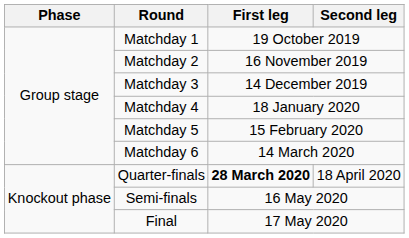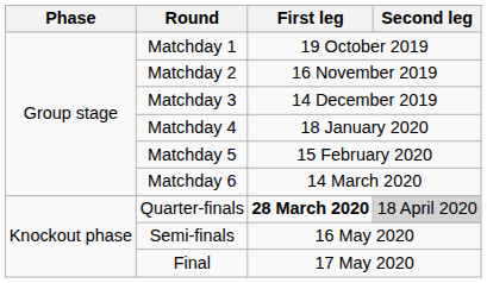 <table class="wikitable" style="text-align:center">
 <tr>
 <th>Phase</th>
 <th>Round</th>
 <th>First leg</th>
 <th>Second leg</th>
 </tr>
 <tr>
 <td rowspan=6>Group stage</td>
 <td>Matchday 1</td>
 <td colspan=2>19 October 2019</td>
 </tr>
 <tr>
 <td>Matchday 2</td>
 <td colspan=2>16 November 2019</td>
 </tr>
 <tr>
 <td>Matchday 3</td>
 <td colspan=2>14 December 2019</td>
 </tr>
 <tr>
 <td>Matchday 4</td>
 <td colspan=2>18 January 2020</td>
 </tr>
 <tr>
 <td>Matchday 5</td>
 <td colspan=2>15 February 2020</td>
 </tr>
 <tr>
 <td>Matchday 6</td>
 <td colspan=2>14 March 2020</td>
 </tr>
 <tr>
 <td rowspan=3>Knockout phase</td>
 <td>Quarter-finals</td>
 <td><strong>28 March 2020</strong></td>
-<td>18 April 2020</td>
+<td style="background: lightgrey;">18 April 2020</td>
 </tr>
 <tr>
 <td>Semi-finals</td>
 <td colspan=2>16 May 2020</td>
 </tr>
 <tr>
 <td>Final</td>
 <td colspan=2>17 May 2020</td>
 </tr>
 </table>
